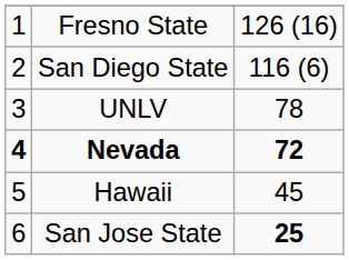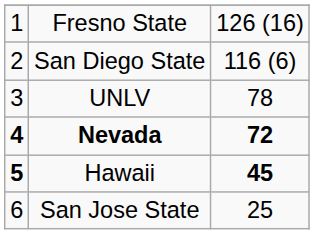 <table class="wikitable" style="display: inline-table;">
 <tr align="center">
 </tr>
 <tr align="center">
 <td>1</td>
 <td>Fresno State</td>
 <td>126 (16)</td>
 </tr>
 <tr align="center">
 <td>2</td>
 <td>San Diego State</td>
 <td>116 (6)</td>
 </tr>
 <tr align="center">
 <td>3</td>
 <td>UNLV</td>
 <td>78</td>
 </tr>
 <tr align="center">
 <td><strong>4</strong></td>
 <td><strong>Nevada</strong></td>
 <td><strong>72</strong></td>
 </tr>
 <tr align="center">
-<td>5</td>
+<td><strong>5</strong></td>
 <td>Hawaii</td>
-<td>45</td>
+<td><strong>45</strong></td>
 </tr>
 <tr align="center">
 <td>6</td>
 <td>San Jose State</td>
-<td><strong>25</strong></td>
+<td>25</td>
 </tr>
 </table>
